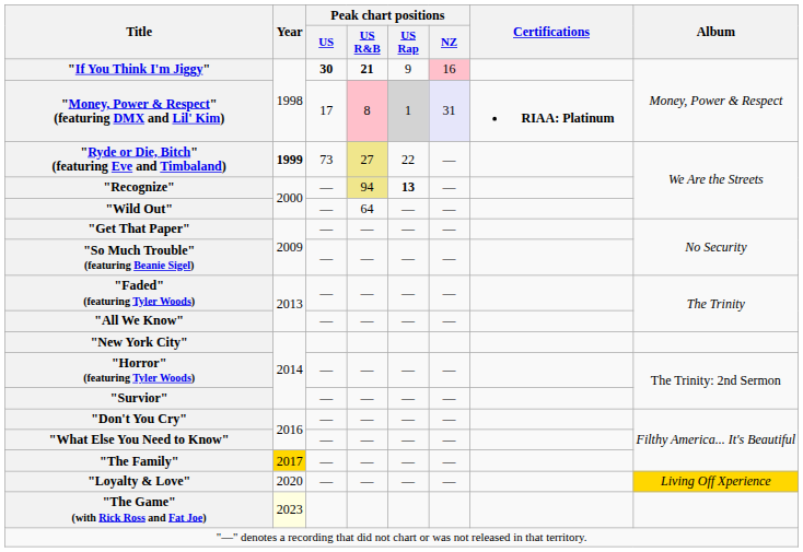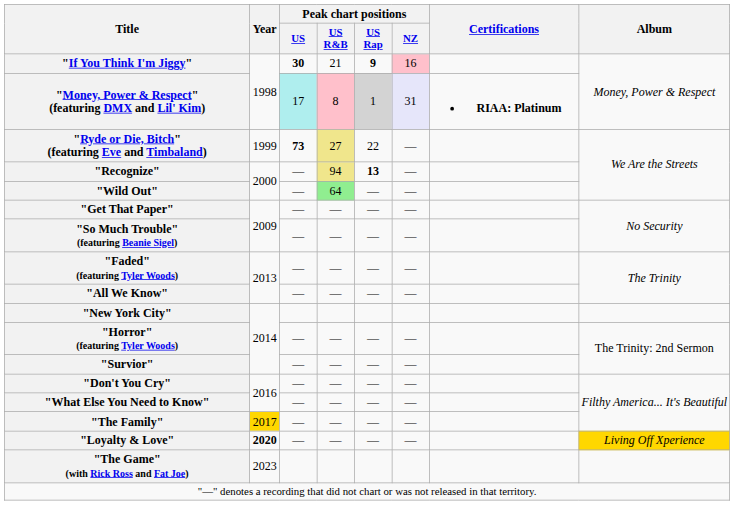 <table class="wikitable plainrowheaders" style="text-align:center;">
 <tr>
 <th scope="col" rowspan="2" style="width:20em;">Title</th>
 <th scope="col" rowspan="2">Year</th>
 <th scope="col" colspan="4">Peak chart positions</th>
 <th scope="col" rowspan="2" style="width:12em;"><a href='#'>Certifications</a></th>
 <th scope="col" rowspan="2">Album</th>
 </tr>
 <tr>
 <th scope="col" style="width:3em;font-size:90%;"><a href='#'>US</a><br></th>
 <th scope="col" style="width:3em;font-size:90%;"><a href='#'>US<br>R&B</a><br></th>
 <th scope="col" style="width:3em;font-size:90%;"><a href='#'>US<br>Rap</a><br></th>
 <th scope="col" style="width:3em;font-size:90%;"><a href='#'>NZ</a><br></th>
 </tr>
 <tr>
 <th scope="row">"<a href='#'>If You Think I'm Jiggy</a>"</th>
 <td rowspan="2">1998</td>
 <td><strong>30</strong></td>
-<td><strong>21</strong></td>
-<td>9</td>
+<td>21</td>
+<td><strong>9</strong></td>
 <td style="background: pink;">16</td>
 <td></td>
 <td rowspan="2"><em>Money, Power & Respect</em></td>
 </tr>
 <tr>
 <th scope="row">"<a href='#'>Money, Power & Respect</a>"<br><span>(featuring <a href='#'>DMX</a> and <a href='#'>Lil' Kim</a>)</span></th>
-<td>17</td>
+<td style="background: paleturquoise;">17</td>
 <td style="background: pink;">8</td>
 <td style="background: lightgrey;">1</td>
 <td style="background: lavender;">31</td>
 <td><strong><br><ul><li>RIAA: Platinum</li></ul></strong></td>
 </tr>
 <tr>
 <th scope="row">"<a href='#'>Ryde or Die, Bitch</a>"<br><span>(featuring <a href='#'>Eve</a> and <a href='#'>Timbaland</a>)</span></th>
-<td><strong>1999</strong></td>
-<td>73</td>
+<td>1999</td>
+<td><strong>73</strong></td>
 <td style="background: khaki;">27</td>
 <td>22</td>
 <td>—</td>
 <td></td>
 <td rowspan="3"><em>We Are the Streets</em></td>
 </tr>
 <tr>
 <th scope="row">"Recognize"</th>
 <td rowspan="2">2000</td>
 <td>—</td>
 <td style="background: khaki;">94</td>
 <td><strong>13</strong></td>
 <td>—</td>
 <td></td>
 </tr>
 <tr>
 <th scope="row">"Wild Out"</th>
 <td>—</td>
-<td>64</td>
+<td style="background: lightgreen;">64</td>
 <td>—</td>
 <td>—</td>
 <td></td>
 </tr>
 <tr>
 <th scope="row">"Get That Paper"</th>
 <td rowspan="2">2009</td>
 <td>—</td>
 <td>—</td>
 <td>—</td>
 <td>—</td>
 <td></td>
 <td rowspan="2"><em>No Security</em></td>
 </tr>
 <tr>
 <th scope="row">"So Much Trouble"<br><small>(featuring <a href='#'>Beanie Sigel</a>)</small></th>
 <td>—</td>
 <td>—</td>
 <td>—</td>
 <td>—</td>
 <td></td>
 </tr>
 <tr>
 <th scope="row">"Faded" <br><small>(featuring <a href='#'>Tyler Woods</a>)</small></th>
 <td rowspan="2">2013</td>
 <td>—</td>
 <td>—</td>
 <td>—</td>
 <td>—</td>
 <td></td>
 <td rowspan="2"><em>The Trinity</em></td>
 </tr>
 <tr>
 <th scope="row">"All We Know"</th>
 <td>—</td>
 <td>—</td>
 <td>—</td>
 <td>—</td>
 <td></td>
 </tr>
 <tr>
 <th>"New York City"</th>
 <td rowspan="3">2014</td>
 <td></td>
 <td></td>
 <td></td>
 <td></td>
 <td></td>
 <td></td>
 </tr>
 <tr>
 <th scope="row">"Horror"<br><small>(featuring <a href='#'>Tyler Woods</a>)</small></th>
 <td>—</td>
 <td>—</td>
 <td>—</td>
 <td>—</td>
 <td></td>
 <td rowspan="2">The Trinity: 2nd Sermon</td>
 </tr>
 <tr>
 <th scope="row">"Survior"</th>
 <td>—</td>
 <td>—</td>
 <td>—</td>
 <td>—</td>
 <td></td>
 </tr>
 <tr>
 <th scope="row">"Don't You Cry"</th>
 <td rowspan="2">2016</td>
 <td>—</td>
 <td>—</td>
 <td>—</td>
 <td>—</td>
 <td></td>
 <td rowspan="3"><em>Filthy America... It's Beautiful</em></td>
 </tr>
 <tr>
 <th scope="row">"What Else You Need to Know"</th>
 <td>—</td>
 <td>—</td>
 <td>—</td>
 <td>—</td>
 <td></td>
 </tr>
 <tr>
 <th scope="row">"The Family"</th>
 <td style="background: gold;">2017</td>
 <td>—</td>
 <td>—</td>
 <td>—</td>
 <td>—</td>
 <td></td>
 </tr>
 <tr>
 <th scope="row">"Loyalty & Love"</th>
-<td>2020</td>
+<td><strong>2020</strong></td>
 <td>—</td>
 <td>—</td>
 <td>—</td>
 <td>—</td>
 <td></td>
 <td style="background: gold;"><em>Living Off Xperience</em></td>
 </tr>
 <tr>
 <th>"The Game"<br><small>(with <a href='#'>Rick Ross</a> and <a href='#'>Fat Joe</a>)</small></th>
-<td style="background: lightyellow;">2023</td>
+<td>2023</td>
 <td></td>
 <td></td>
 <td></td>
 <td></td>
 <td></td>
 <td></td>
 </tr>
 <tr>
 <td colspan="14" style="font-size:90%">"—" denotes a recording that did not chart or was not released in that territory.</td>
 </tr>
 </table>
